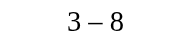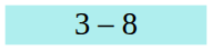 <table style="text-align:center">
 <tr>
 <th width=200></th>
 <th width=100></th>
 <th width=200></th>
 </tr>
 <tr>
 <td align=right></td>
-<td>3 – 8</td>
+<td style="background: paleturquoise;">3 – 8</td>
 <td align=left><strong></strong></td>
 </tr>
 </table>
